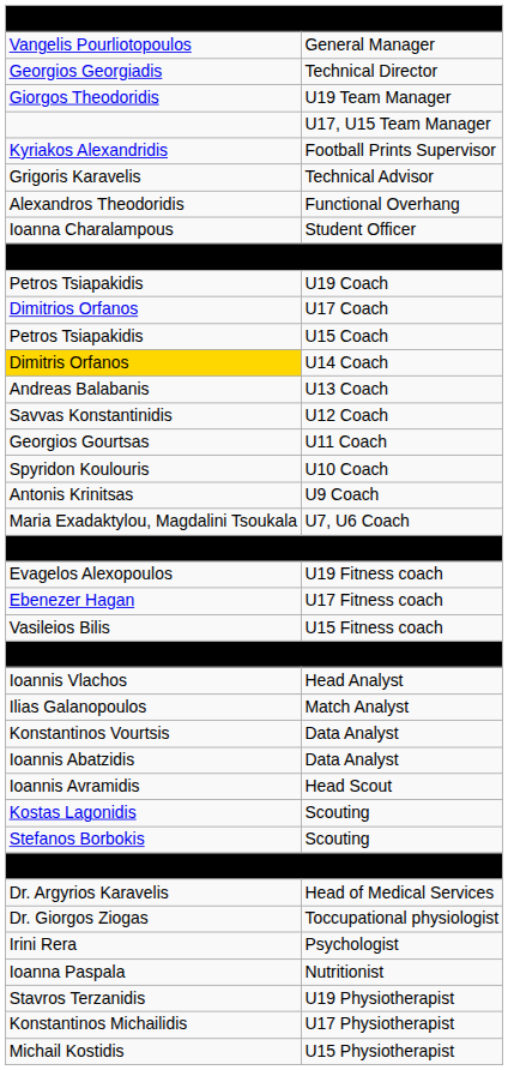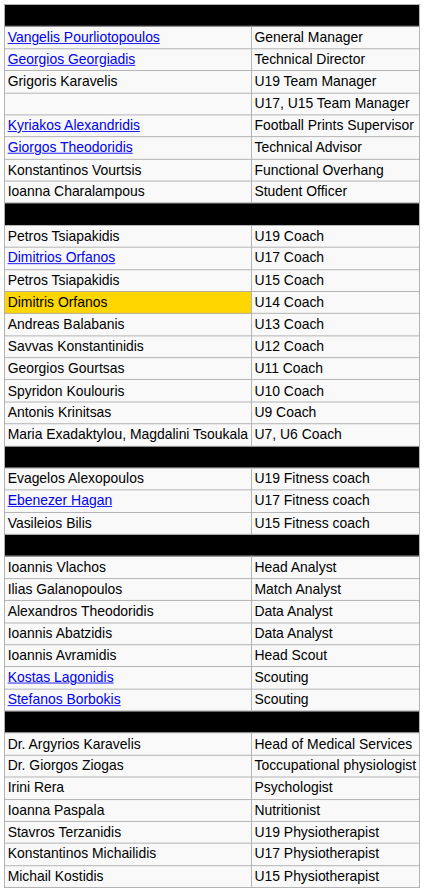 <table class="wikitable">
 <tr>
 <th colspan="2" style="background:black;"><span>Sport management and organisation</span></th>
 </tr>
 <tr>
 <td> <a href='#'>Vangelis Pourliotopoulos</a></td>
 <td>General Manager</td>
 </tr>
 <tr>
 <td> <a href='#'>Georgios Georgiadis</a></td>
 <td>Technical Director</td>
 </tr>
 <tr>
-<td> <a href='#'>Giorgos Theodoridis</a></td>
+<td> Grigoris Karavelis</td>
 <td>U19 Team Manager</td>
 </tr>
 <tr>
 <td></td>
 <td>U17, U15 Team Manager</td>
 </tr>
 <tr>
 <td> <a href='#'>Kyriakos Alexandridis</a></td>
 <td>Football Prints Supervisor</td>
 </tr>
 <tr>
-<td> Grigoris Karavelis</td>
+<td> <a href='#'>Giorgos Theodoridis</a></td>
 <td>Technical Advisor</td>
 </tr>
 <tr>
-<td> Alexandros Theodoridis</td>
+<td> Konstantinos Vourtsis</td>
 <td>Functional Overhang</td>
 </tr>
 <tr>
 <td> Ioanna Charalampous</td>
 <td>Student Officer</td>
 </tr>
 <tr>
 <th colspan="2" style="background:black;"><span>Team coaches</span></th>
 </tr>
 <tr>
 <td> Petros Tsiapakidis</td>
 <td>U19 Coach</td>
 </tr>
 <tr>
 <td> <a href='#'>Dimitrios Orfanos</a></td>
 <td>U17 Coach</td>
 </tr>
 <tr>
 <td> Petros Tsiapakidis</td>
 <td>U15 Coach</td>
 </tr>
 <tr>
 <td style="background: gold;"> Dimitris Orfanos</td>
 <td>U14 Coach</td>
 </tr>
 <tr>
 <td> Andreas Balabanis</td>
 <td>U13 Coach</td>
 </tr>
 <tr>
 <td> Savvas Konstantinidis</td>
 <td>U12 Coach</td>
 </tr>
 <tr>
 <td> Georgios Gourtsas</td>
 <td>U11 Coach</td>
 </tr>
 <tr>
 <td> Spyridon Koulouris</td>
 <td>U10 Coach</td>
 </tr>
 <tr>
 <td> Antonis Krinitsas</td>
 <td>U9 Coach</td>
 </tr>
 <tr>
 <td> Maria Exadaktylou,  Magdalini Tsoukala</td>
 <td>U7, U6 Coach</td>
 </tr>
 <tr>
 <th colspan="2" style="background:black;"><span>Fitness coaches</span></th>
 </tr>
 <tr>
 <td> Evagelos Alexopoulos</td>
 <td>U19 Fitness coach</td>
 </tr>
 <tr>
 <td> <a href='#'>Ebenezer Hagan</a></td>
 <td>U17 Fitness coach</td>
 </tr>
 <tr>
 <td> Vasileios Bilis</td>
 <td>U15 Fitness coach</td>
 </tr>
 <tr>
 <th colspan="2" style="background:black;"><span>Analysis department</span></th>
 </tr>
 <tr>
 <td> Ioannis Vlachos</td>
 <td>Head Analyst</td>
 </tr>
 <tr>
 <td> Ilias Galanopoulos</td>
 <td>Match Analyst</td>
 </tr>
 <tr>
-<td> Konstantinos Vourtsis</td>
+<td> Alexandros Theodoridis</td>
 <td>Data Analyst</td>
 </tr>
 <tr>
 <td> Ioannis Abatzidis</td>
 <td>Data Analyst</td>
 </tr>
 <tr>
 <td> Ioannis Avramidis</td>
 <td>Head Scout</td>
 </tr>
 <tr>
 <td> <a href='#'>Kostas Lagonidis</a></td>
 <td>Scouting</td>
 </tr>
 <tr>
 <td> <a href='#'>Stefanos Borbokis</a></td>
 <td>Scouting</td>
 </tr>
 <tr>
 <th colspan="2" style="background:black;"><span>Medical department</span></th>
 </tr>
 <tr>
 <td> Dr. Argyrios Karavelis</td>
 <td>Head of Medical Services</td>
 </tr>
 <tr>
 <td> Dr. Giorgos Ziogas</td>
 <td>Toccupational physiologist</td>
 </tr>
 <tr>
 <td> Irini Rera</td>
 <td>Psychologist</td>
 </tr>
 <tr>
 <td> Ioanna Paspala</td>
 <td>Nutritionist</td>
 </tr>
 <tr>
 <td> Stavros Terzanidis</td>
 <td>U19 Physiotherapist</td>
 </tr>
 <tr>
 <td> Konstantinos Michailidis</td>
 <td>U17 Physiotherapist</td>
 </tr>
 <tr>
 <td> Michail Kostidis</td>
 <td>U15 Physiotherapist</td>
 </tr>
 </table>
